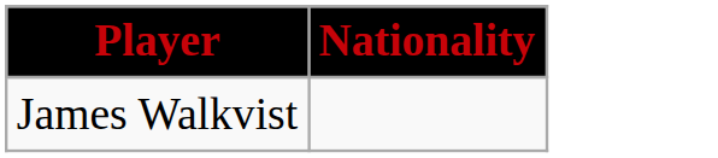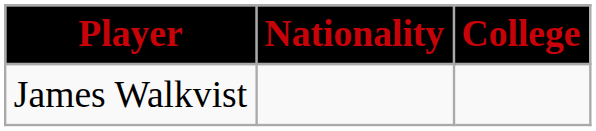 <table class="wikitable sortable sortable">
 <tr>
 <th style="background:#000000; color:#C70309; ">Player</th>
 <th style="background:#000000; color:#C70309; ">Nationality</th>
+<th style="background:#000000; color:#C70309; ">College</th>
 </tr>
 <tr>
 <td align="center">James Walkvist</td>
 <td align="center"></td>
+<td align="center"></td>
 </tr>
 </table>
